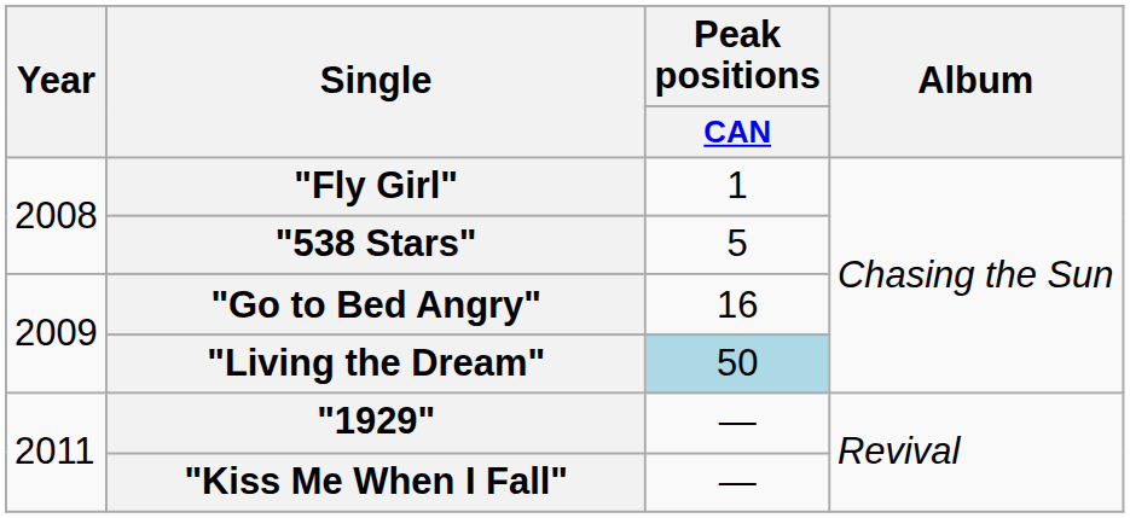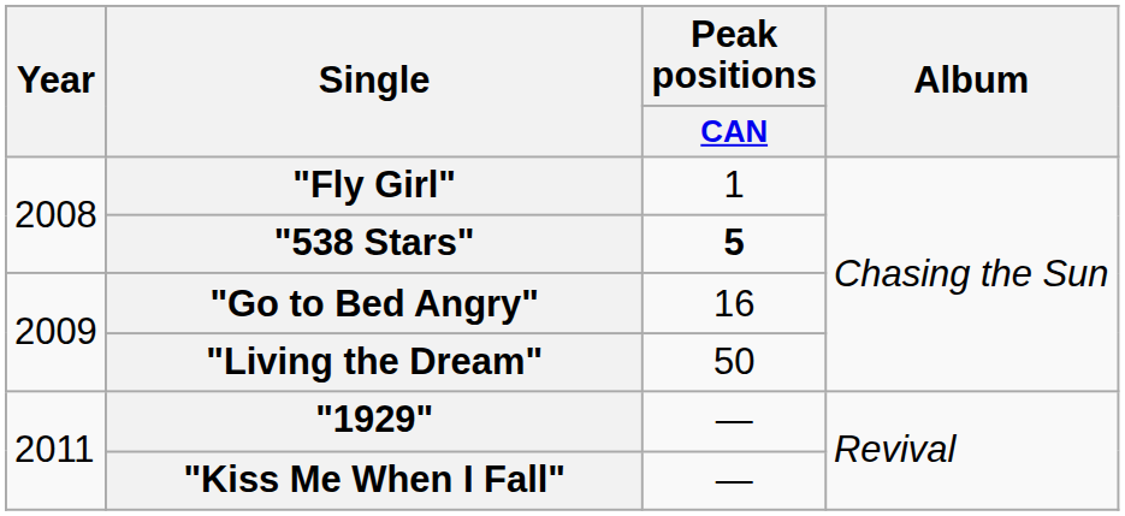 <table class="wikitable plainrowheaders">
 <tr>
 <th rowspan="2">Year</th>
 <th rowspan="2" style="width:14em;">Single</th>
 <th>Peak positions</th>
 <th rowspan="2">Album</th>
 </tr>
 <tr style="font-size:smaller;">
 <th style="width:65px;"><a href='#'>CAN</a></th>
 </tr>
 <tr>
 <td rowspan="2">2008</td>
 <th scope="row">"Fly Girl"</th>
 <td style="text-align:center;">1</td>
 <td rowspan="4"><em>Chasing the Sun</em></td>
 </tr>
 <tr>
 <th scope="row">"538 Stars"</th>
-<td style="text-align:center;">5</td>
+<td style="text-align:center;"><strong>5</strong></td>
 </tr>
 <tr>
 <td rowspan="2">2009</td>
 <th scope="row">"Go to Bed Angry"</th>
 <td style="text-align:center;">16</td>
 </tr>
 <tr>
 <th scope="row">"Living the Dream"</th>
-<td style="background: lightblue; text-align:center;">50</td>
+<td style="text-align:center;">50</td>
 </tr>
 <tr>
 <td rowspan="2">2011</td>
 <th scope="row">"1929"</th>
 <td style="text-align:center;">—</td>
 <td rowspan="2"><em>Revival</em></td>
 </tr>
 <tr>
 <th scope="row">"Kiss Me When I Fall"</th>
 <td style="text-align:center;">—</td>
 </tr>
 </table>
